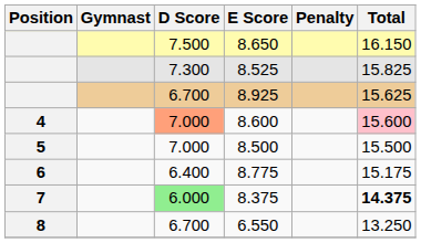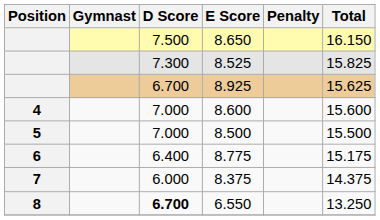 <table class="wikitable sortable" style="text-align:center; font-size:95%">
 <tr>
 <th scope=col>Position</th>
 <th scope=col>Gymnast</th>
 <th scope=col>D Score</th>
 <th scope=col>E Score</th>
 <th scope=col>Penalty</th>
 <th scope=col>Total</th>
 </tr>
 <tr bgcolor=fffcaf>
 <th scope=row></th>
 <td align="left"></td>
 <td>7.500</td>
 <td>8.650</td>
 <td></td>
 <td>16.150</td>
 </tr>
 <tr bgcolor=e5e5e5>
 <th scope=row></th>
 <td align="left"></td>
 <td>7.300</td>
 <td>8.525</td>
 <td></td>
 <td>15.825</td>
 </tr>
 <tr bgcolor=eecc99>
 <th scope=row></th>
 <td align="left"></td>
 <td>6.700</td>
 <td>8.925</td>
 <td></td>
 <td>15.625</td>
 </tr>
 <tr>
 <th scope=row>4</th>
 <td align="left"></td>
-<td style="background: lightsalmon;">7.000</td>
+<td>7.000</td>
 <td>8.600</td>
 <td></td>
-<td style="background: pink;">15.600</td>
+<td>15.600</td>
 </tr>
 <tr>
 <th scope=row>5</th>
 <td align="left"></td>
 <td>7.000</td>
 <td>8.500</td>
 <td></td>
 <td>15.500</td>
 </tr>
 <tr>
 <th scope=row>6</th>
 <td align="left"></td>
 <td>6.400</td>
 <td>8.775</td>
 <td></td>
 <td>15.175</td>
 </tr>
 <tr>
 <th scope=row>7</th>
 <td align="left"></td>
-<td style="background: lightgreen;">6.000</td>
+<td>6.000</td>
 <td>8.375</td>
 <td></td>
-<td><strong>14.375</strong></td>
+<td>14.375</td>
 </tr>
 <tr>
 <th scope=row>8</th>
 <td align="left"></td>
-<td>6.700</td>
+<td><strong>6.700</strong></td>
 <td>6.550</td>
 <td></td>
 <td>13.250</td>
 </tr>
 <tr>
 </tr>
 </table>
